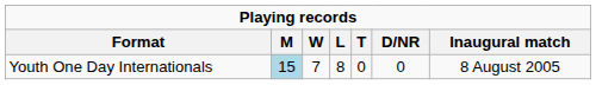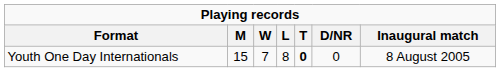 <table class="wikitable" style="text-align: center; width: 600px">
 <tr>
 <td colspan="8" align="center"><strong>Playing records</strong></td>
 </tr>
 <tr>
 <th>Format</th>
 <th>M</th>
 <th>W</th>
 <th>L</th>
 <th>T</th>
 <th>D/NR</th>
 <th>Inaugural match</th>
 </tr>
 <tr>
 <td align="left">Youth One Day Internationals</td>
-<td style="background: lightblue;">15</td>
+<td>15</td>
 <td>7</td>
 <td>8</td>
-<td>0</td>
+<td><strong>0</strong></td>
 <td>0</td>
 <td>8 August 2005</td>
 </tr>
 </table>
